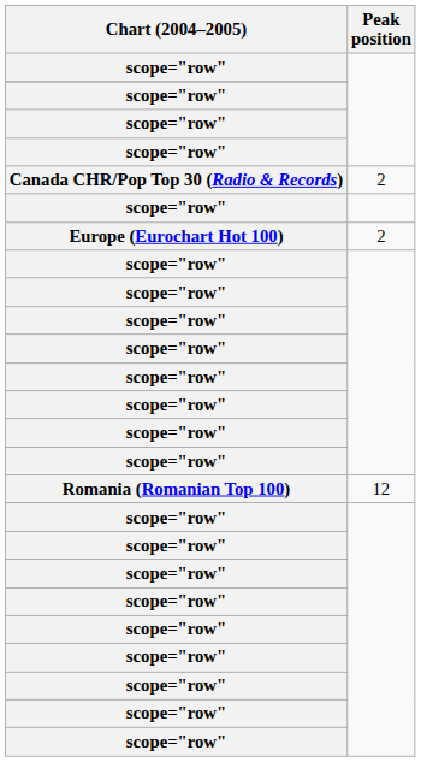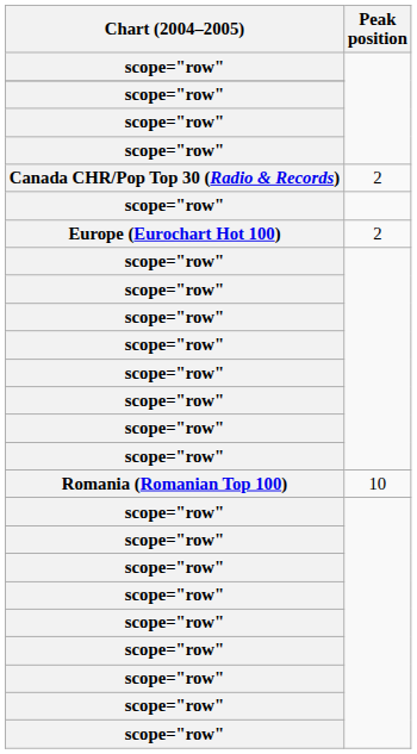 <table class="wikitable sortable plainrowheaders" style="text-align:center">
 <tr>
 <th scope="col">Chart (2004–2005)</th>
 <th scope="col">Peak<br>position</th>
 </tr>
 <tr>
 <th>scope="row"</th>
 </tr>
 <tr>
 </tr>
 <tr>
 <th>scope="row"</th>
 </tr>
 <tr>
 <th>scope="row"</th>
 </tr>
 <tr>
 <th>scope="row"</th>
 </tr>
 <tr>
 <th scope="row">Canada CHR/Pop Top 30 (<em><a href='#'>Radio & Records</a></em>)</th>
 <td>2</td>
 </tr>
 <tr>
 <th>scope="row"</th>
 </tr>
 <tr>
 <th scope="row">Europe (<a href='#'>Eurochart Hot 100</a>)</th>
 <td>2</td>
 </tr>
 <tr>
 <th>scope="row"</th>
 </tr>
 <tr>
 <th>scope="row"</th>
 </tr>
 <tr>
 <th>scope="row"</th>
 </tr>
 <tr>
 <th>scope="row"</th>
 </tr>
 <tr>
 <th>scope="row"</th>
 </tr>
 <tr>
 <th>scope="row"</th>
 </tr>
 <tr>
 <th>scope="row"</th>
 </tr>
 <tr>
 <th>scope="row"</th>
 </tr>
 <tr>
 <th scope="row">Romania (<a href='#'>Romanian Top 100</a>)</th>
-<td>12</td>
+<td>10</td>
 </tr>
 <tr>
 <th>scope="row"</th>
 </tr>
 <tr>
 <th>scope="row"</th>
 </tr>
 <tr>
 <th>scope="row"</th>
 </tr>
 <tr>
 <th>scope="row"</th>
 </tr>
 <tr>
 <th>scope="row"</th>
 </tr>
 <tr>
 <th>scope="row"</th>
 </tr>
 <tr>
 <th>scope="row"</th>
 </tr>
 <tr>
 <th>scope="row"</th>
 </tr>
 <tr>
 <th>scope="row"</th>
 </tr>
 </table>
